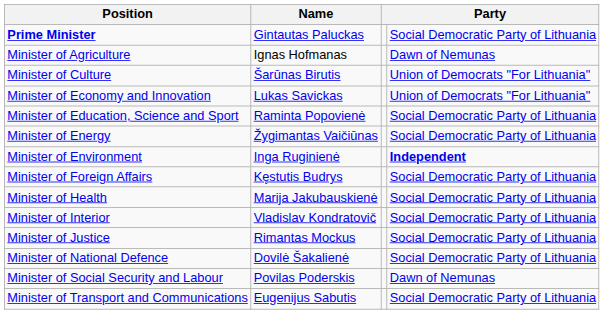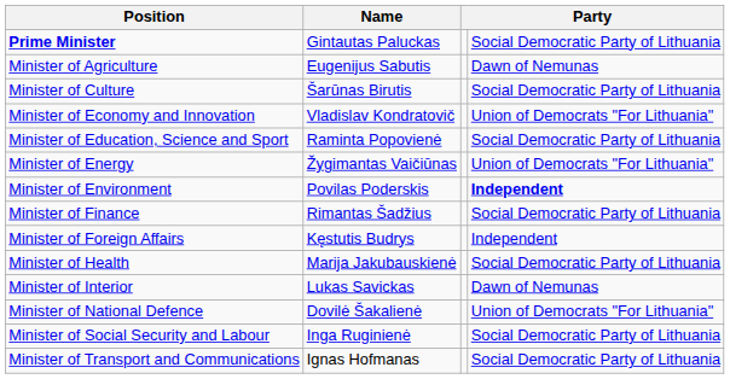 <table class="wikitable">
 <tr>
 <th>Position</th>
 <th>Name</th>
 <th colspan=2>Party</th>
 </tr>
 <tr>
 <td><strong><a href='#'>Prime Minister</a></strong></td>
 <td><a href='#'>Gintautas Paluckas</a></td>
 <td style="background-color:"></td>
 <td><a href='#'>Social Democratic Party of Lithuania</a></td>
 </tr>
 <tr>
 <td><a href='#'>Minister of Agriculture</a></td>
-<td>Ignas Hofmanas</td>
+<td><a href='#'>Eugenijus Sabutis</a></td>
 <td style="background-color:"></td>
 <td><a href='#'>Dawn of Nemunas</a></td>
 </tr>
 <tr>
 <td><a href='#'>Minister of Culture</a></td>
 <td><a href='#'>Šarūnas Birutis</a></td>
 <td style="background-color:"></td>
-<td><a href='#'>Union of Democrats "For Lithuania"</a></td>
+<td><a href='#'>Social Democratic Party of Lithuania</a></td>
 </tr>
 <tr>
 <td><a href='#'>Minister of Economy and Innovation</a></td>
-<td><a href='#'>Lukas Savickas</a></td>
+<td><a href='#'>Vladislav Kondratovič</a></td>
 <td style="background-color:"></td>
 <td><a href='#'>Union of Democrats "For Lithuania"</a></td>
 </tr>
 <tr>
 <td><a href='#'>Minister of Education, Science and Sport</a></td>
 <td><a href='#'>Raminta Popovienė</a></td>
 <td style="background-color:"></td>
 <td><a href='#'>Social Democratic Party of Lithuania</a></td>
 </tr>
 <tr>
 <td><a href='#'>Minister of Energy</a></td>
 <td><a href='#'>Žygimantas Vaičiūnas</a></td>
 <td style="background-color:"></td>
-<td><a href='#'>Social Democratic Party of Lithuania</a></td>
+<td><a href='#'>Union of Democrats "For Lithuania"</a></td>
 </tr>
 <tr>
 <td><a href='#'>Minister of Environment</a></td>
-<td><a href='#'>Inga Ruginienė</a></td>
+<td><a href='#'>Povilas Poderskis</a></td>
 <td style="background-color:"></td>
 <td><strong><a href='#'>Independent</a></strong></td>
+</tr>
+<tr>
+<td><a href='#'>Minister of Finance</a></td>
+<td><a href='#'>Rimantas Šadžius</a></td>
+<td style="background-color:"></td>
+<td><a href='#'>Social Democratic Party of Lithuania</a></td>
 </tr>
 <tr>
 <td><a href='#'>Minister of Foreign Affairs</a></td>
 <td><a href='#'>Kęstutis Budrys</a></td>
 <td style="background-color:"></td>
-<td><a href='#'>Social Democratic Party of Lithuania</a></td>
+<td><a href='#'>Independent</a></td>
 </tr>
 <tr>
 <td><a href='#'>Minister of Health</a></td>
 <td><a href='#'>Marija Jakubauskienė</a></td>
 <td style="background-color:"></td>
 <td><a href='#'>Social Democratic Party of Lithuania</a></td>
 </tr>
 <tr>
 <td><a href='#'>Minister of Interior</a></td>
-<td><a href='#'>Vladislav Kondratovič</a></td>
+<td><a href='#'>Lukas Savickas</a></td>
 <td style="background-color:"></td>
-<td><a href='#'>Social Democratic Party of Lithuania</a></td>
-</tr>
-<tr>
-<td><a href='#'>Minister of Justice</a></td>
-<td><a href='#'>Rimantas Mockus</a></td>
-<td style="background-color:"></td>
-<td><a href='#'>Social Democratic Party of Lithuania</a></td>
+<td><a href='#'>Dawn of Nemunas</a></td>
 </tr>
 <tr>
 <td><a href='#'>Minister of National Defence</a></td>
 <td><a href='#'>Dovilė Šakalienė</a></td>
 <td style="background-color:"></td>
+<td><a href='#'>Union of Democrats "For Lithuania"</a></td>
+</tr>
+<tr>
+<td><a href='#'>Minister of Social Security and Labour</a></td>
+<td><a href='#'>Inga Ruginienė</a></td>
+<td style="background-color:"></td>
 <td><a href='#'>Social Democratic Party of Lithuania</a></td>
 </tr>
 <tr>
-<td><a href='#'>Minister of Social Security and Labour</a></td>
-<td><a href='#'>Povilas Poderskis</a></td>
-<td style="background-color:"></td>
-<td><a href='#'>Dawn of Nemunas</a></td>
-</tr>
-<tr>
 <td><a href='#'>Minister of Transport and Communications</a></td>
-<td><a href='#'>Eugenijus Sabutis</a></td>
+<td>Ignas Hofmanas</td>
 <td style="background-color:"></td>
 <td><a href='#'>Social Democratic Party of Lithuania</a></td>
 </tr>
 </table>
